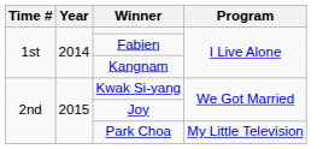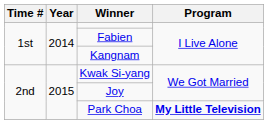 <table class="wikitable sortable" style="text-align:center">
 <tr>
 <th>Time #</th>
 <th>Year</th>
 <th>Winner</th>
 <th>Program</th>
 </tr>
 <tr>
 <td rowspan=3>1st</td>
 <td rowspan=3>2014</td>
 <td></td>
 <td rowspan=3><a href='#'>I Live Alone</a></td>
 </tr>
 <tr>
 <td><a href='#'>Fabien</a></td>
 </tr>
 <tr>
 <td><a href='#'>Kangnam</a></td>
 </tr>
 <tr>
 <td rowspan=3>2nd</td>
 <td rowspan=3>2015</td>
 <td><a href='#'>Kwak Si-yang</a></td>
 <td rowspan=2><a href='#'>We Got Married</a></td>
 </tr>
 <tr>
 <td><a href='#'>Joy</a></td>
 </tr>
 <tr>
 <td><a href='#'>Park Choa</a></td>
-<td><a href='#'>My Little Television</a></td>
+<td><strong><a href='#'>My Little Television</a></strong></td>
 </tr>
 </table>
